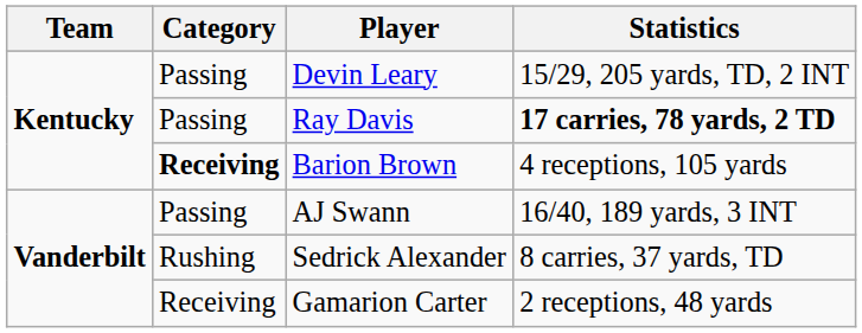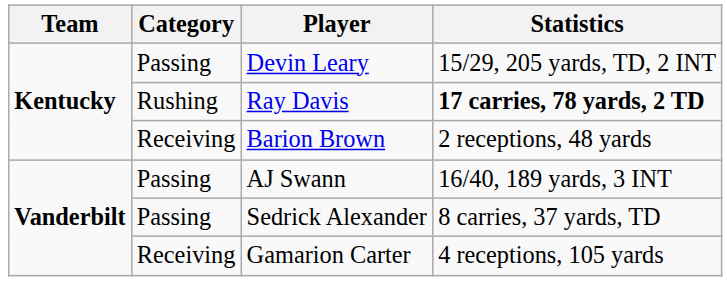 <table class="wikitable" style="float: right;">
 <tr>
 <th>Team</th>
 <th>Category</th>
 <th>Player</th>
 <th>Statistics</th>
 </tr>
 <tr>
 <td rowspan=3><strong>Kentucky</strong></td>
 <td>Passing</td>
 <td><a href='#'>Devin Leary</a></td>
 <td>15/29, 205 yards, TD, 2 INT</td>
 </tr>
 <tr>
-<td>Passing</td>
+<td>Rushing</td>
 <td><a href='#'>Ray Davis</a></td>
 <td><strong>17 carries, 78 yards, 2 TD</strong></td>
 </tr>
 <tr>
-<td><strong>Receiving</strong></td>
+<td>Receiving</td>
 <td><a href='#'>Barion Brown</a></td>
-<td>4 receptions, 105 yards</td>
+<td>2 receptions, 48 yards</td>
 </tr>
 <tr>
 <td rowspan=3><strong>Vanderbilt</strong></td>
 <td>Passing</td>
 <td>AJ Swann</td>
 <td>16/40, 189 yards, 3 INT</td>
 </tr>
 <tr>
-<td>Rushing</td>
+<td>Passing</td>
 <td>Sedrick Alexander</td>
 <td>8 carries, 37 yards, TD</td>
 </tr>
 <tr>
 <td>Receiving</td>
 <td>Gamarion Carter</td>
-<td>2 receptions, 48 yards</td>
+<td>4 receptions, 105 yards</td>
 </tr>
 </table>
